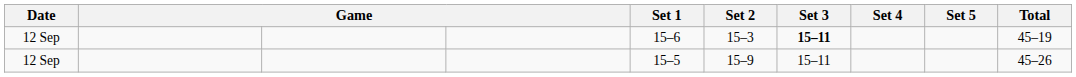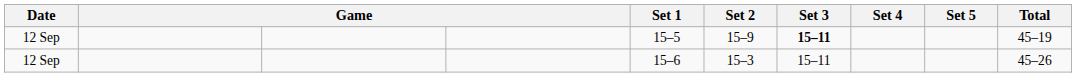 <table width=1200 class="wikitable">
 <tr>
 <th width=6%>Date</th>
 <th width=45% colspan=3>Game</th>
 <th width=6%>Set 1</th>
 <th width=6%>Set 2</th>
 <th width=6%>Set 3</th>
 <th width=6%>Set 4</th>
 <th width=6%>Set 5</th>
 <th width=6%>Total</th>
 </tr>
 <tr style=font-size:95%>
 <td align=center>12 Sep</td>
 <td align=center><strong></strong></td>
 <td></td>
 <td></td>
-<td align=center>15–6</td>
-<td align=center>15–3</td>
+<td align=center>15–5</td>
+<td align=center>15–9</td>
 <td align=center><strong>15–11</strong></td>
 <td align=center></td>
 <td align=center></td>
 <td align=center>45–19</td>
 </tr>
 <tr style=font-size:95%>
 <td align=center>12 Sep</td>
 <td align=center><strong></strong></td>
 <td></td>
 <td></td>
-<td align=center>15–5</td>
-<td align=center>15–9</td>
+<td align=center>15–6</td>
+<td align=center>15–3</td>
 <td align=center>15–11</td>
 <td align=center></td>
 <td align=center></td>
 <td align=center>45–26</td>
 </tr>
 </table>
